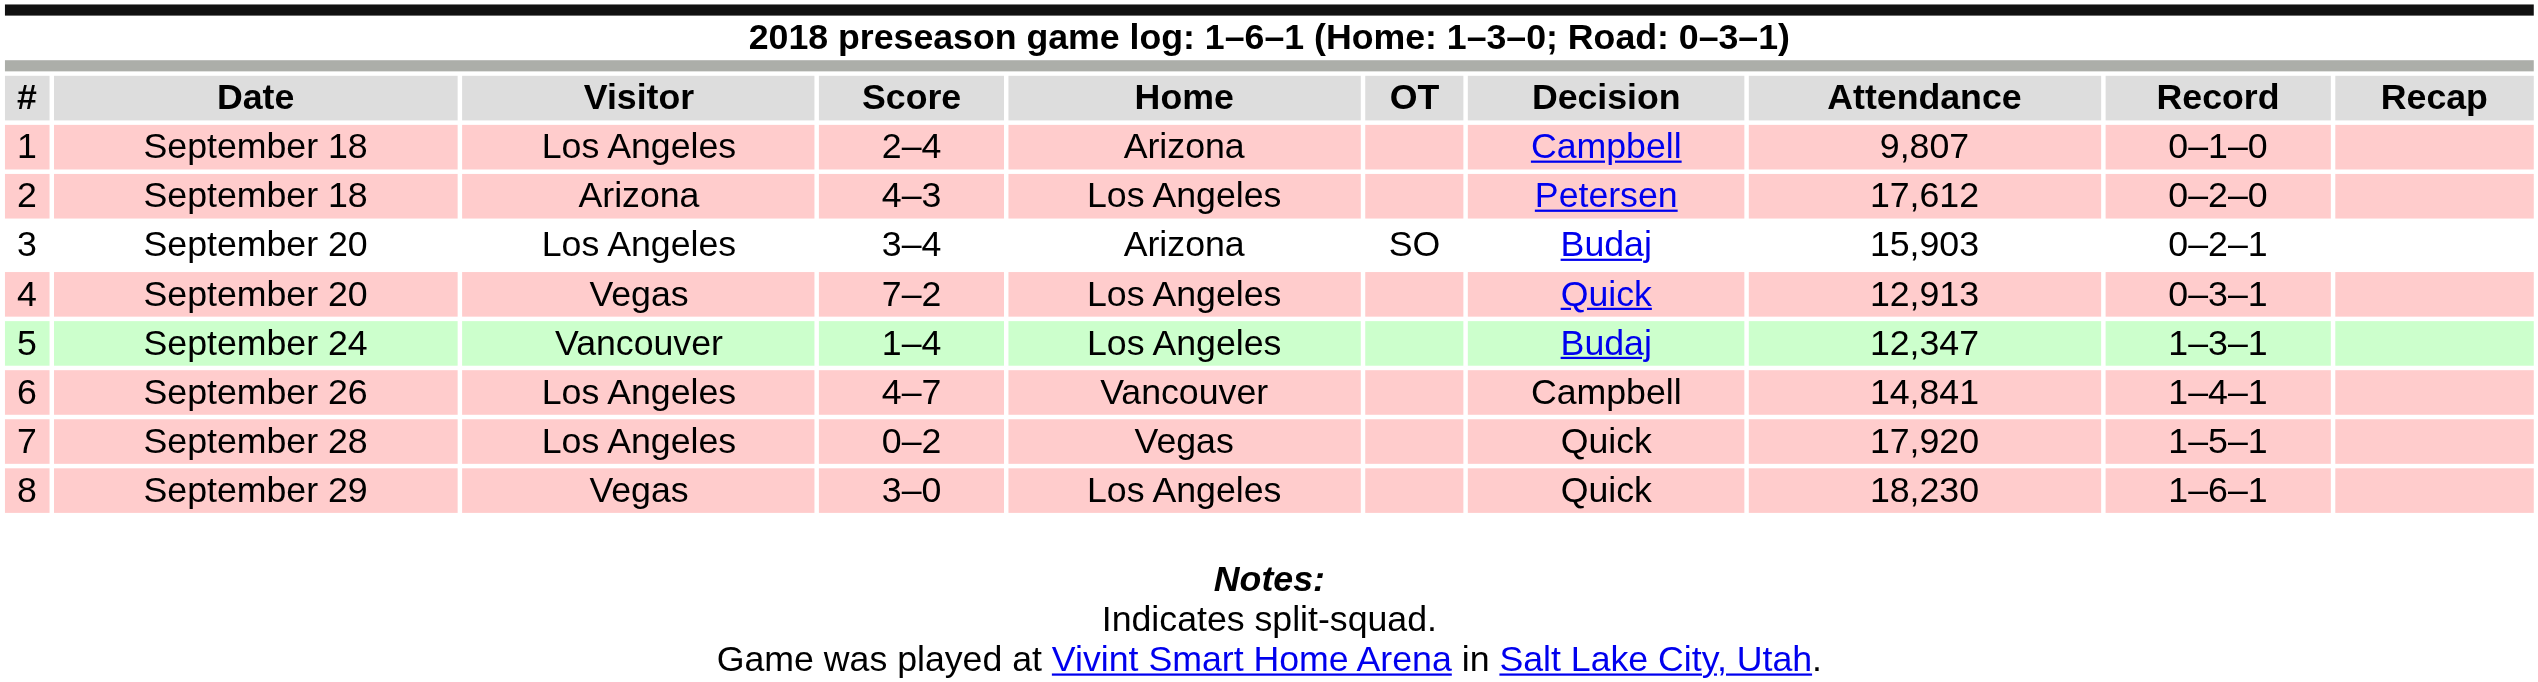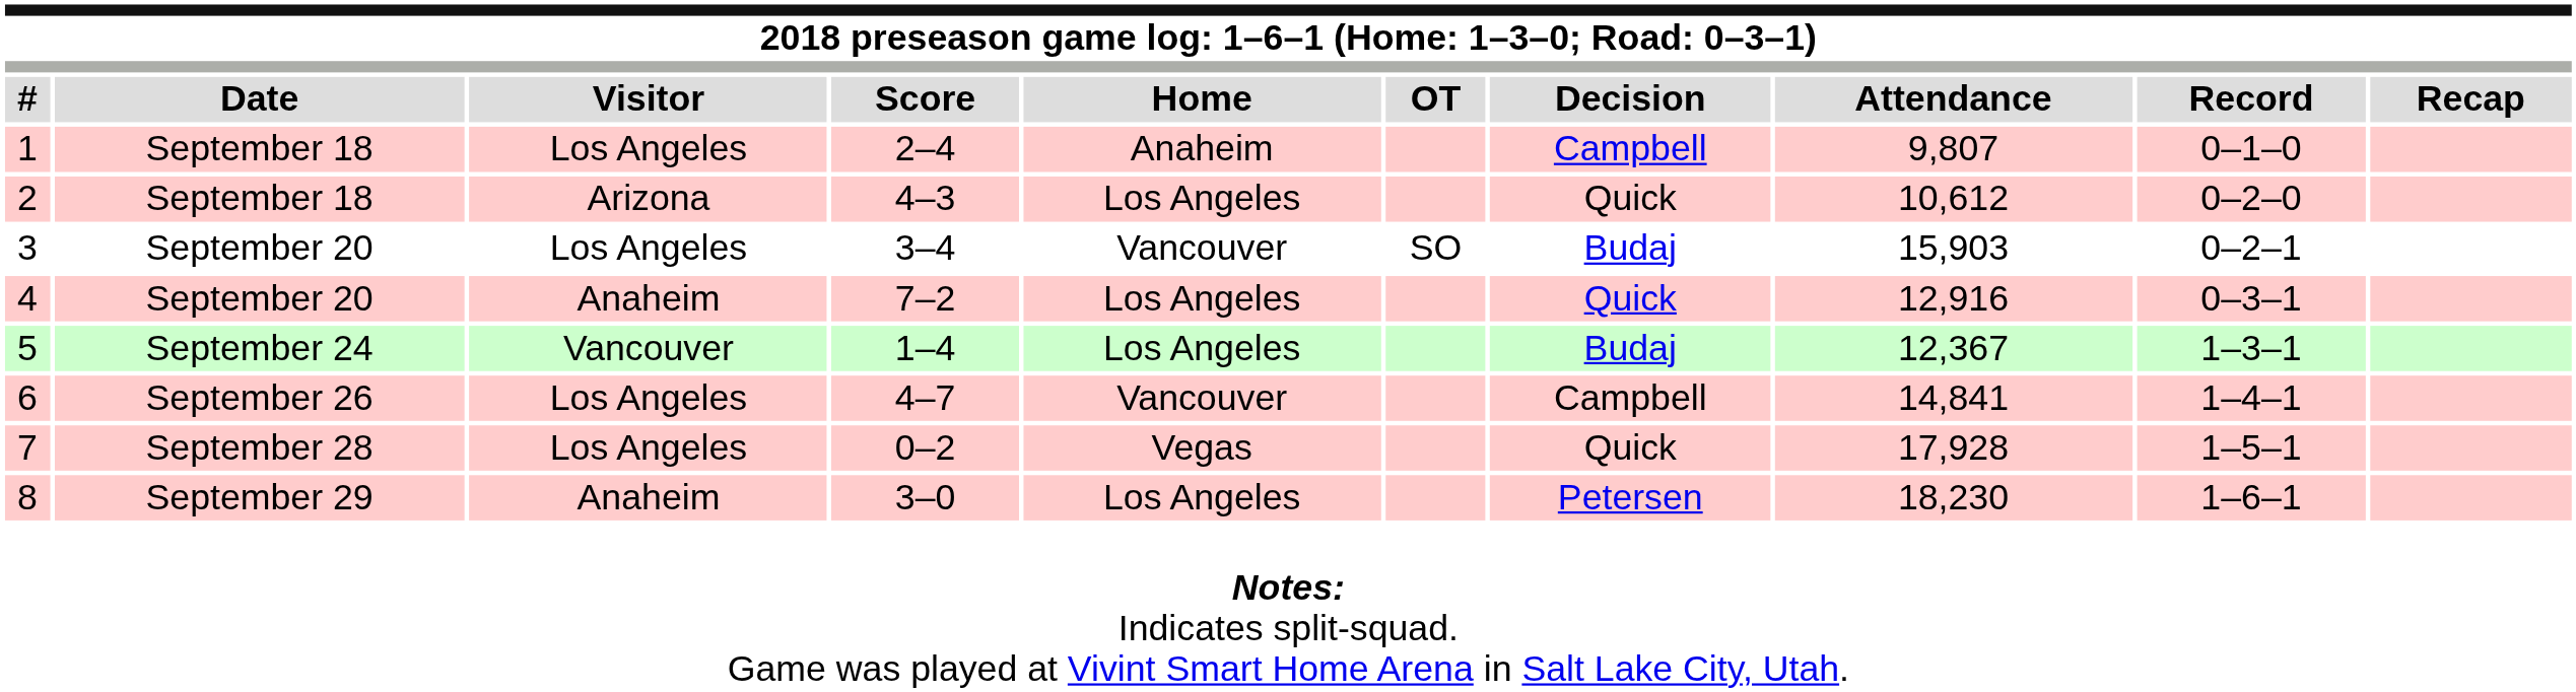 <table class="toccolours collapsible collapsed" style="width:90%; clear:both; margin:1.5em auto; text-align:center;">
 <tr>
 <th colspan="10" style="background:#FFFFFF; border-top:#111111 5px solid; border-bottom:#ACAEA9 5px solid;">2018 preseason game log: 1–6–1 (Home: 1–3–0; Road: 0–3–1)</th>
 </tr>
 <tr style="background:#ddd;">
 <th>#</th>
 <th>Date</th>
 <th>Visitor</th>
 <th>Score</th>
 <th>Home</th>
 <th>OT</th>
 <th>Decision</th>
 <th>Attendance</th>
 <th>Record</th>
 <th>Recap</th>
 </tr>
 <tr style="background:#fcc;">
 <td>1</td>
 <td>September 18</td>
 <td>Los Angeles</td>
 <td>2–4</td>
-<td>Arizona</td>
+<td>Anaheim</td>
 <td></td>
 <td><a href='#'>Campbell</a></td>
 <td>9,807</td>
 <td>0–1–0</td>
 <td></td>
 </tr>
 <tr style="background:#fcc;">
 <td>2</td>
 <td>September 18</td>
 <td>Arizona</td>
 <td>4–3</td>
 <td>Los Angeles</td>
 <td></td>
-<td><a href='#'>Petersen</a></td>
-<td>17,612</td>
+<td>Quick</td>
+<td>10,612</td>
 <td>0–2–0</td>
 <td></td>
 </tr>
 <tr style="background:#fff;">
 <td>3</td>
 <td>September 20</td>
 <td>Los Angeles</td>
 <td>3–4</td>
-<td>Arizona</td>
+<td>Vancouver</td>
 <td>SO</td>
 <td><a href='#'>Budaj</a></td>
 <td>15,903</td>
 <td>0–2–1</td>
 <td></td>
 </tr>
 <tr style="background:#fcc;">
 <td>4</td>
 <td>September 20</td>
-<td>Vegas</td>
+<td>Anaheim</td>
 <td>7–2</td>
 <td>Los Angeles</td>
 <td></td>
 <td><a href='#'>Quick</a></td>
-<td>12,913</td>
+<td>12,916</td>
 <td>0–3–1</td>
 <td></td>
 </tr>
 <tr style="background:#cfc;">
 <td>5</td>
 <td>September 24</td>
 <td>Vancouver</td>
 <td>1–4</td>
 <td>Los Angeles</td>
 <td></td>
 <td><a href='#'>Budaj</a></td>
-<td>12,347</td>
+<td>12,367</td>
 <td>1–3–1</td>
 <td></td>
 </tr>
 <tr style="background:#fcc;">
 <td>6</td>
 <td>September 26</td>
 <td>Los Angeles</td>
 <td>4–7</td>
 <td>Vancouver</td>
 <td></td>
 <td>Campbell</td>
 <td>14,841</td>
 <td>1–4–1</td>
 <td></td>
 </tr>
 <tr style="background:#fcc;">
 <td>7</td>
 <td>September 28</td>
 <td>Los Angeles</td>
 <td>0–2</td>
 <td>Vegas</td>
 <td></td>
 <td>Quick</td>
-<td>17,920</td>
+<td>17,928</td>
 <td>1–5–1</td>
 <td></td>
 </tr>
 <tr style="background:#fcc;">
 <td>8</td>
 <td>September 29</td>
-<td>Vegas</td>
+<td>Anaheim</td>
 <td>3–0</td>
 <td>Los Angeles</td>
 <td></td>
-<td>Quick</td>
+<td><a href='#'>Petersen</a></td>
 <td>18,230</td>
 <td>1–6–1</td>
 <td></td>
 </tr>
 <tr>
 <td colspan="10" style="text-align:center;"><br><strong><em>Notes:</em></strong><br>  Indicates split-squad.<br>  Game was played at <a href='#'>Vivint Smart Home Arena</a> in <a href='#'>Salt Lake City, Utah</a>.</td>
 </tr>
 </table>
